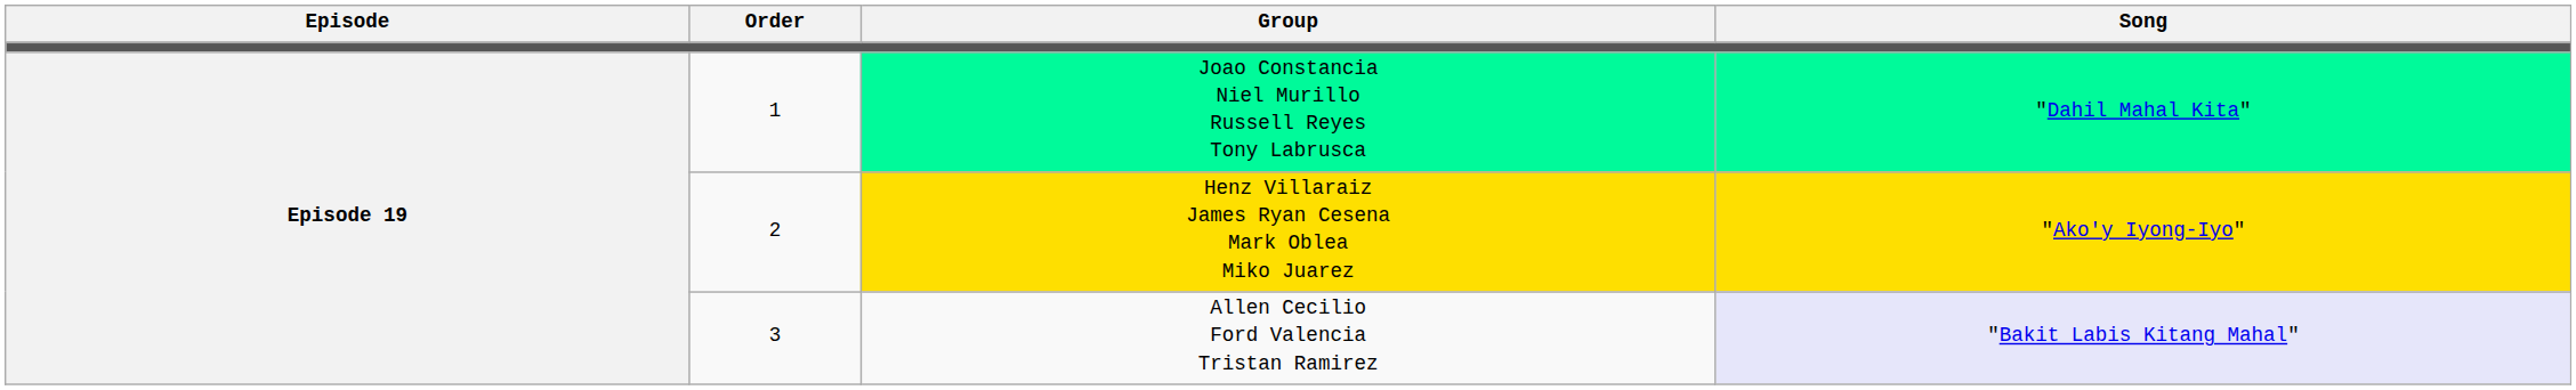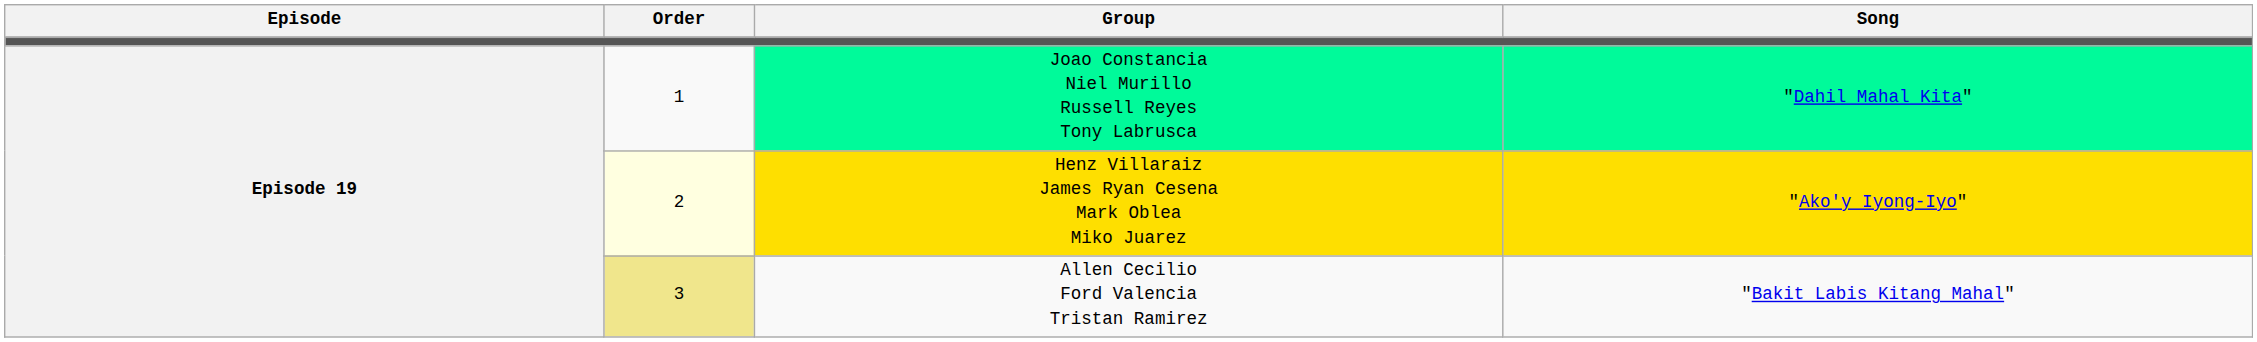 <table class="wikitable" style="text-align:center; line-height:17px; width:100%; font-size: 95%;">
 <tr>
 <th style="width:20%;">Episode</th>
 <th style="width:05%;">Order</th>
 <th style="width:25%;">Group</th>
 <th style="width:25%;">Song</th>
 </tr>
 <tr>
 <td colspan="4" style="background:#555;"></td>
 </tr>
 <tr>
 <th rowspan="3">Episode 19<br><small></small></th>
 <td>1</td>
 <td style="background:#00fa9a;">Joao Constancia <br> Niel Murillo <br> Russell Reyes <br> Tony Labrusca</td>
 <td style="background:#00fa9a;">"<a href='#'>Dahil Mahal Kita</a>"</td>
 </tr>
 <tr>
-<td>2</td>
+<td style="background: lightyellow;">2</td>
 <td style="background:#fedf00;">Henz Villaraiz <br> James Ryan Cesena <br> Mark Oblea <br> Miko Juarez</td>
 <td style="background:#fedf00;">"<a href='#'>Ako'y Iyong-Iyo</a>"</td>
 </tr>
 <tr>
-<td>3</td>
+<td style="background: khaki;">3</td>
 <td>Allen Cecilio <br> Ford Valencia <br> Tristan Ramirez</td>
-<td style="background: lavender;">"<a href='#'>Bakit Labis Kitang Mahal</a>"</td>
+<td>"<a href='#'>Bakit Labis Kitang Mahal</a>"</td>
 </tr>
 </table>
